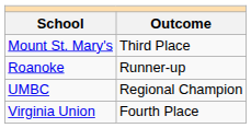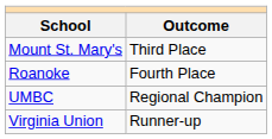 <table class="wikitable" style="float:left; margin-right:1em;">
 <tr>
 <th colspan="3" style="background:#ffdead;"></th>
 </tr>
 <tr>
 <th>School</th>
 <th>Outcome</th>
 </tr>
 <tr>
 <td><a href='#'>Mount St. Mary's</a></td>
 <td>Third Place</td>
 </tr>
 <tr>
 <td><a href='#'>Roanoke</a></td>
-<td>Runner-up</td>
+<td>Fourth Place</td>
 </tr>
 <tr>
 <td><a href='#'>UMBC</a></td>
 <td>Regional Champion</td>
 </tr>
 <tr>
 <td><a href='#'>Virginia Union</a></td>
-<td>Fourth Place</td>
+<td>Runner-up</td>
 </tr>
 </table>
